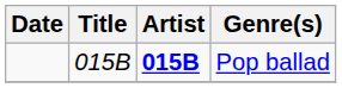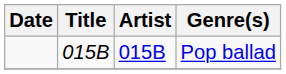 <table class="wikitable" style="text-align: left;">
 <tr>
 <th>Date</th>
 <th>Title</th>
 <th>Artist</th>
 <th>Genre(s)</th>
 </tr>
 <tr>
 <td></td>
 <td><em>015B</em></td>
-<td><strong><a href='#'>015B</a></strong></td>
+<td><a href='#'>015B</a></td>
 <td><a href='#'>Pop ballad</a></td>
 </tr>
 <tr>
 </tr>
 </table>
